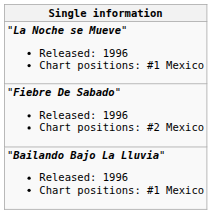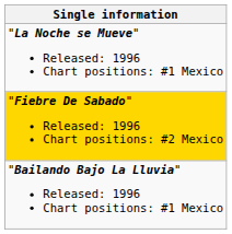 <table class="wikitable">
 <tr>
 <th align="left">Single information</th>
 </tr>
 <tr>
 <td align="left">"<strong><em>La Noche se Mueve</em></strong>"<br><ul><li>Released: 1996</li><li>Chart positions: #1 Mexico</li></ul></td>
 </tr>
 <tr>
-<td align="left">"<strong><em>Fiebre De Sabado</em></strong>"<br><ul><li>Released: 1996</li><li>Chart positions: #2 Mexico</li></ul></td>
+<td align="left" style="background: gold;">"<strong><em>Fiebre De Sabado</em></strong>"<br><ul><li>Released: 1996</li><li>Chart positions: #2 Mexico</li></ul></td>
 </tr>
 <tr>
 <td align="left">"<strong><em>Bailando Bajo La Lluvia</em></strong>"<br><ul><li>Released: 1996</li><li>Chart positions: #1 Mexico</li></ul></td>
 </tr>
 </table>
